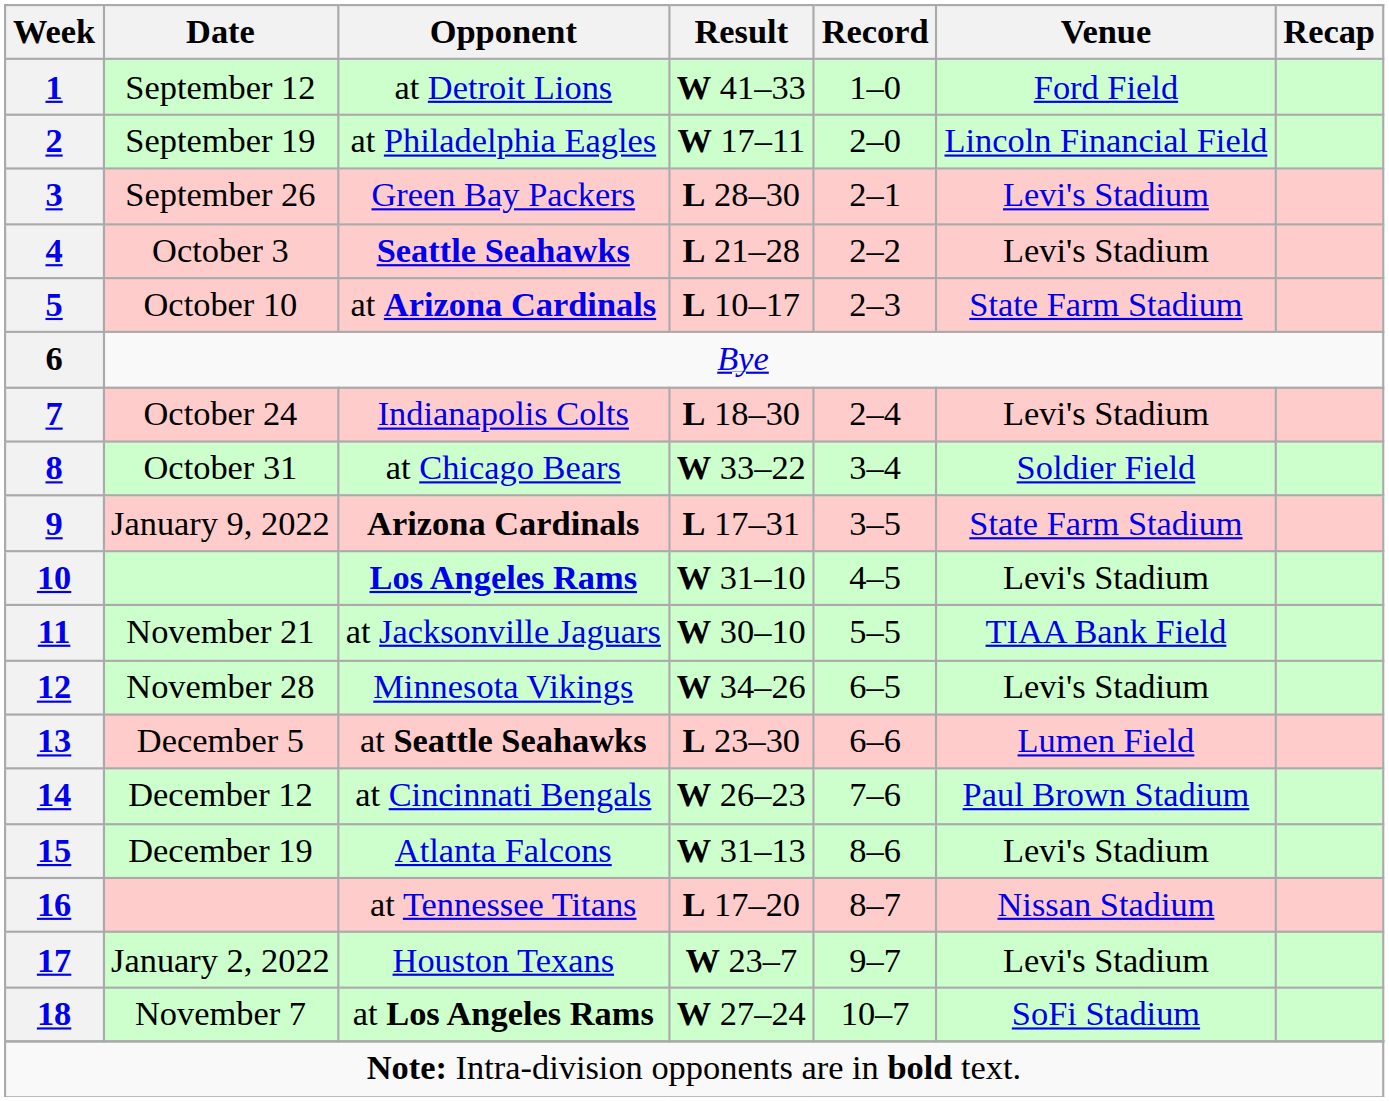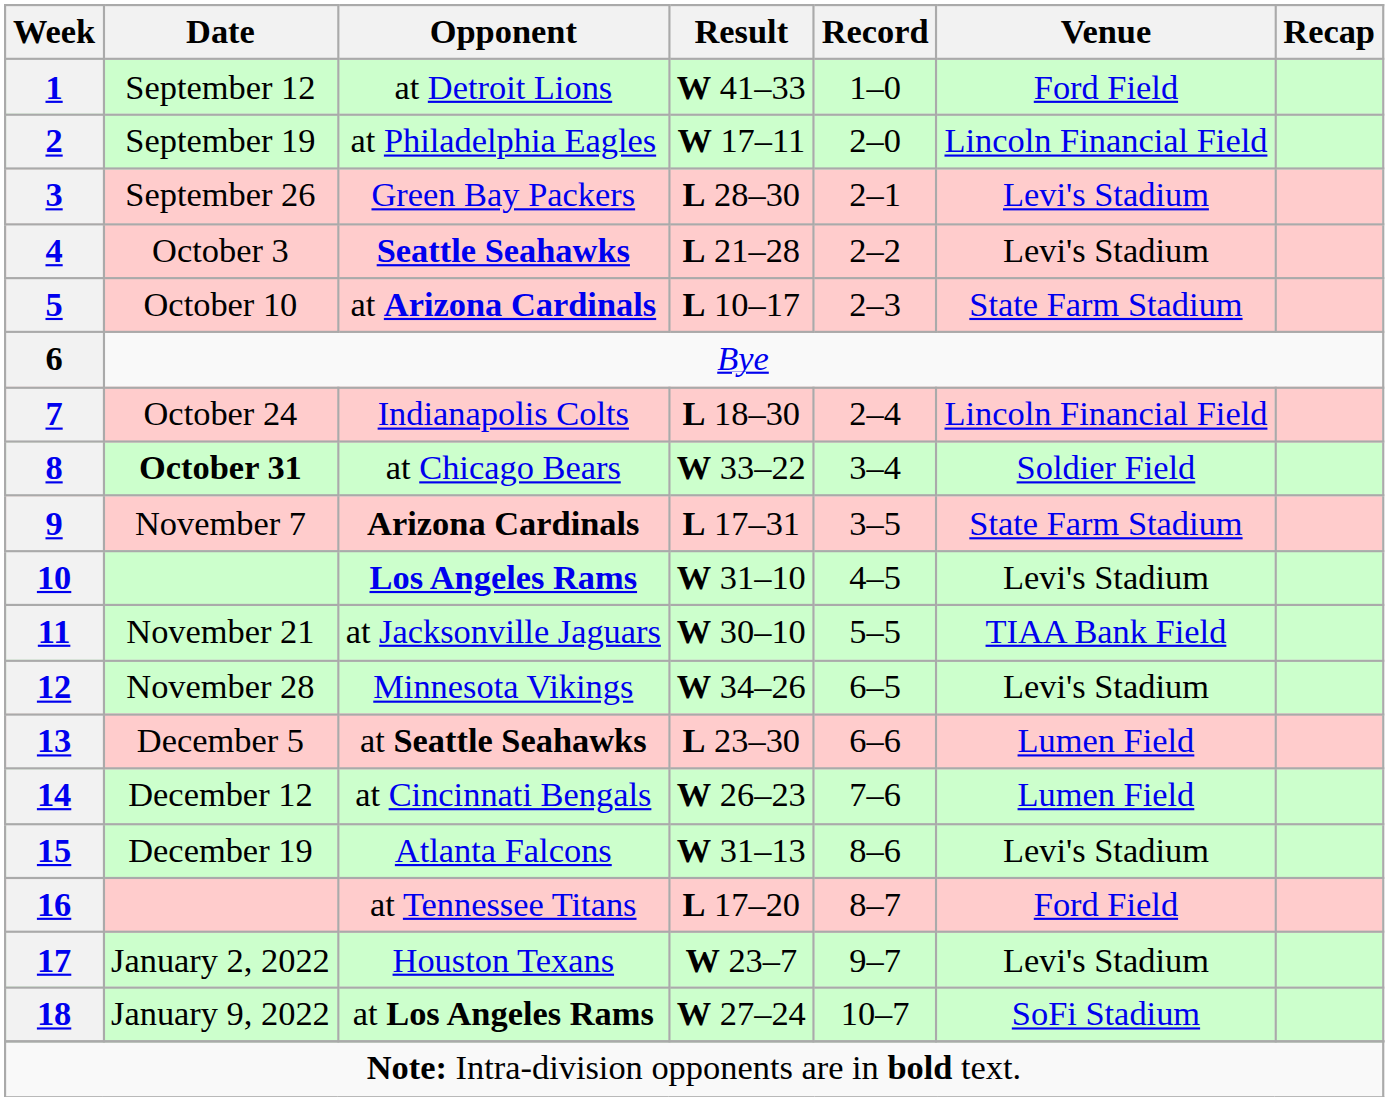 <table class="wikitable" style="text-align:center">
 <tr>
 <th>Week</th>
 <th>Date</th>
 <th>Opponent</th>
 <th>Result</th>
 <th>Record</th>
 <th>Venue</th>
 <th>Recap</th>
 </tr>
 <tr style="background:#cfc">
 <th><a href='#'>1</a></th>
 <td>September 12</td>
 <td>at <a href='#'>Detroit Lions</a></td>
 <td><strong>W</strong> 41–33</td>
 <td>1–0</td>
 <td><a href='#'>Ford Field</a></td>
 <td></td>
 </tr>
 <tr style="background:#cfc">
 <th><a href='#'>2</a></th>
 <td>September 19</td>
 <td>at <a href='#'>Philadelphia Eagles</a></td>
 <td><strong>W</strong> 17–11</td>
 <td>2–0</td>
 <td><a href='#'>Lincoln Financial Field</a></td>
 <td></td>
 </tr>
 <tr style="background:#fcc">
 <th><a href='#'>3</a></th>
 <td>September 26</td>
 <td><a href='#'>Green Bay Packers</a></td>
 <td><strong>L</strong> 28–30</td>
 <td>2–1</td>
 <td><a href='#'>Levi's Stadium</a></td>
 <td></td>
 </tr>
 <tr style="background:#fcc">
 <th><a href='#'>4</a></th>
 <td>October 3</td>
 <td><strong><a href='#'>Seattle Seahawks</a></strong></td>
 <td><strong>L</strong> 21–28</td>
 <td>2–2</td>
 <td>Levi's Stadium</td>
 <td></td>
 </tr>
 <tr style="background:#fcc">
 <th><a href='#'>5</a></th>
 <td>October 10</td>
 <td>at <strong><a href='#'>Arizona Cardinals</a></strong></td>
 <td><strong>L</strong> 10–17</td>
 <td>2–3</td>
 <td><a href='#'>State Farm Stadium</a></td>
 <td></td>
 </tr>
 <tr>
 <th>6</th>
 <td colspan="6"><em><a href='#'>Bye</a></em></td>
 </tr>
 <tr style="background:#fcc">
 <th><a href='#'>7</a></th>
 <td>October 24</td>
 <td><a href='#'>Indianapolis Colts</a></td>
 <td><strong>L</strong> 18–30</td>
 <td>2–4</td>
-<td>Levi's Stadium</td>
+<td><a href='#'>Lincoln Financial Field</a></td>
 <td></td>
 </tr>
 <tr style="background:#cfc">
 <th><a href='#'>8</a></th>
-<td>October 31</td>
+<td><strong>October 31</strong></td>
 <td>at <a href='#'>Chicago Bears</a></td>
 <td><strong>W</strong> 33–22</td>
 <td>3–4</td>
 <td><a href='#'>Soldier Field</a></td>
 <td></td>
 </tr>
 <tr style="background:#fcc">
 <th><a href='#'>9</a></th>
-<td>January 9, 2022</td>
+<td>November 7</td>
 <td><strong>Arizona Cardinals</strong></td>
 <td><strong>L</strong> 17–31</td>
 <td>3–5</td>
 <td><a href='#'>State Farm Stadium</a></td>
 <td></td>
 </tr>
 <tr style="background:#cfc">
 <th><a href='#'>10</a></th>
 <td></td>
 <td><strong><a href='#'>Los Angeles Rams</a></strong></td>
 <td><strong>W</strong> 31–10</td>
 <td>4–5</td>
 <td>Levi's Stadium</td>
 <td></td>
 </tr>
 <tr style="background:#cfc">
 <th><a href='#'>11</a></th>
 <td>November 21</td>
 <td>at <a href='#'>Jacksonville Jaguars</a></td>
 <td><strong>W</strong> 30–10</td>
 <td>5–5</td>
 <td><a href='#'>TIAA Bank Field</a></td>
 <td></td>
 </tr>
 <tr style="background:#cfc">
 <th><a href='#'>12</a></th>
 <td>November 28</td>
 <td><a href='#'>Minnesota Vikings</a></td>
 <td><strong>W</strong> 34–26</td>
 <td>6–5</td>
 <td>Levi's Stadium</td>
 <td></td>
 </tr>
 <tr style="background:#fcc">
 <th><a href='#'>13</a></th>
 <td>December 5</td>
 <td>at <strong>Seattle Seahawks</strong></td>
 <td><strong>L</strong> 23–30</td>
 <td>6–6</td>
 <td><a href='#'>Lumen Field</a></td>
 <td></td>
 </tr>
 <tr style="background:#cfc">
 <th><a href='#'>14</a></th>
 <td>December 12</td>
 <td>at <a href='#'>Cincinnati Bengals</a></td>
 <td><strong>W</strong> 26–23 </td>
 <td>7–6</td>
-<td><a href='#'>Paul Brown Stadium</a></td>
+<td><a href='#'>Lumen Field</a></td>
 <td></td>
 </tr>
 <tr style="background:#cfc">
 <th><a href='#'>15</a></th>
 <td>December 19</td>
 <td><a href='#'>Atlanta Falcons</a></td>
 <td><strong>W</strong> 31–13</td>
 <td>8–6</td>
 <td>Levi's Stadium</td>
 <td></td>
 </tr>
 <tr style="background:#fcc">
 <th><a href='#'>16</a></th>
 <td></td>
 <td>at <a href='#'>Tennessee Titans</a></td>
 <td><strong>L</strong> 17–20</td>
 <td>8–7</td>
-<td><a href='#'>Nissan Stadium</a></td>
+<td><a href='#'>Ford Field</a></td>
 <td></td>
 </tr>
 <tr style="background:#cfc">
 <th><a href='#'>17</a></th>
 <td>January 2, 2022</td>
 <td><a href='#'>Houston Texans</a></td>
 <td><strong>W</strong> 23–7</td>
 <td>9–7</td>
 <td>Levi's Stadium</td>
 <td></td>
 </tr>
 <tr style="background:#cfc">
 <th><a href='#'>18</a></th>
-<td>November 7</td>
+<td>January 9, 2022</td>
 <td>at <strong>Los Angeles Rams</strong></td>
 <td><strong>W</strong> 27–24 </td>
 <td>10–7</td>
 <td><a href='#'>SoFi Stadium</a></td>
 <td></td>
 </tr>
 <tr>
 </tr>
 <tr>
 <td colspan="8"><strong>Note:</strong> Intra-division opponents are in <strong>bold</strong> text.</td>
 </tr>
 </table>
